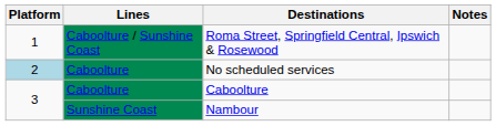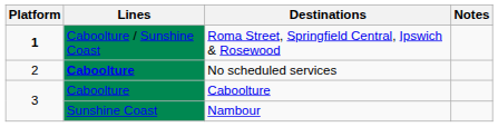 <table class="wikitable" style="float: none; margin: 0.5em; ">
 <tr>
 <th>Platform</th>
 <th>Lines</th>
 <th>Destinations</th>
 <th>Notes</th>
 </tr>
 <tr>
-<td style="text-align:center;">1</td>
+<td style="text-align:center;"><strong>1</strong></td>
 <td style=background:#008851><a href='#'><span>Caboolture</span></a> / <a href='#'><span>Sunshine Coast</span></a></td>
 <td><a href='#'>Roma Street</a>, <a href='#'>Springfield Central</a>, <a href='#'>Ipswich</a> & <a href='#'>Rosewood</a></td>
 <td></td>
 </tr>
 <tr>
-<td style="background: lightblue; text-align:center;">2</td>
-<td style=background:#008851><a href='#'><span>Caboolture</span></a></td>
+<td style="text-align:center;">2</td>
+<td style=background:#008851><strong><a href='#'><span>Caboolture</span></a></strong></td>
 <td>No scheduled services</td>
 <td></td>
 </tr>
 <tr>
 <td rowspan="2" style="text-align:center;">3</td>
 <td style=background:#008851><a href='#'><span>Caboolture</span></a></td>
 <td><a href='#'>Caboolture</a></td>
 <td></td>
 </tr>
 <tr>
 <td style=background:#008851><a href='#'><span>Sunshine Coast</span></a></td>
 <td><a href='#'>Nambour</a></td>
 <td></td>
 </tr>
 </table>
